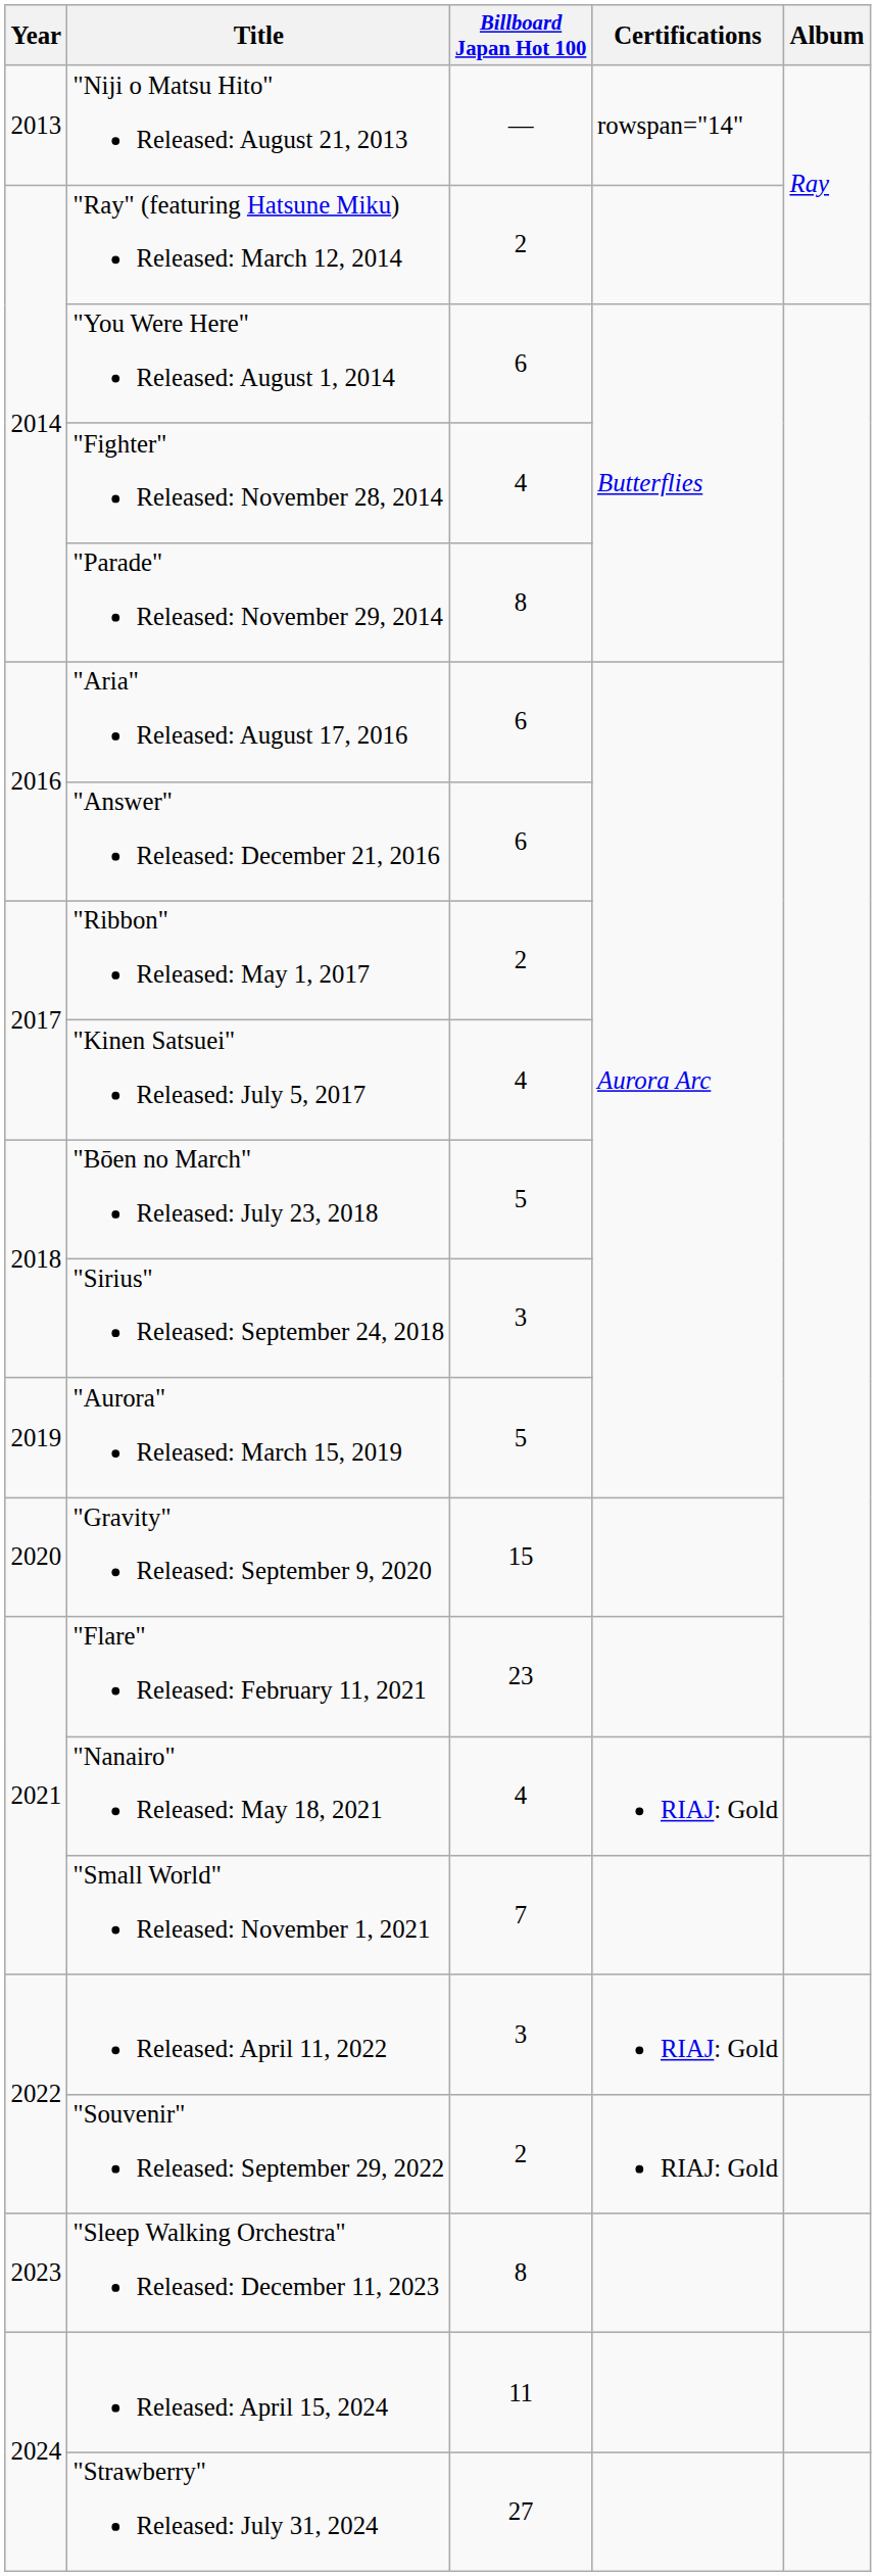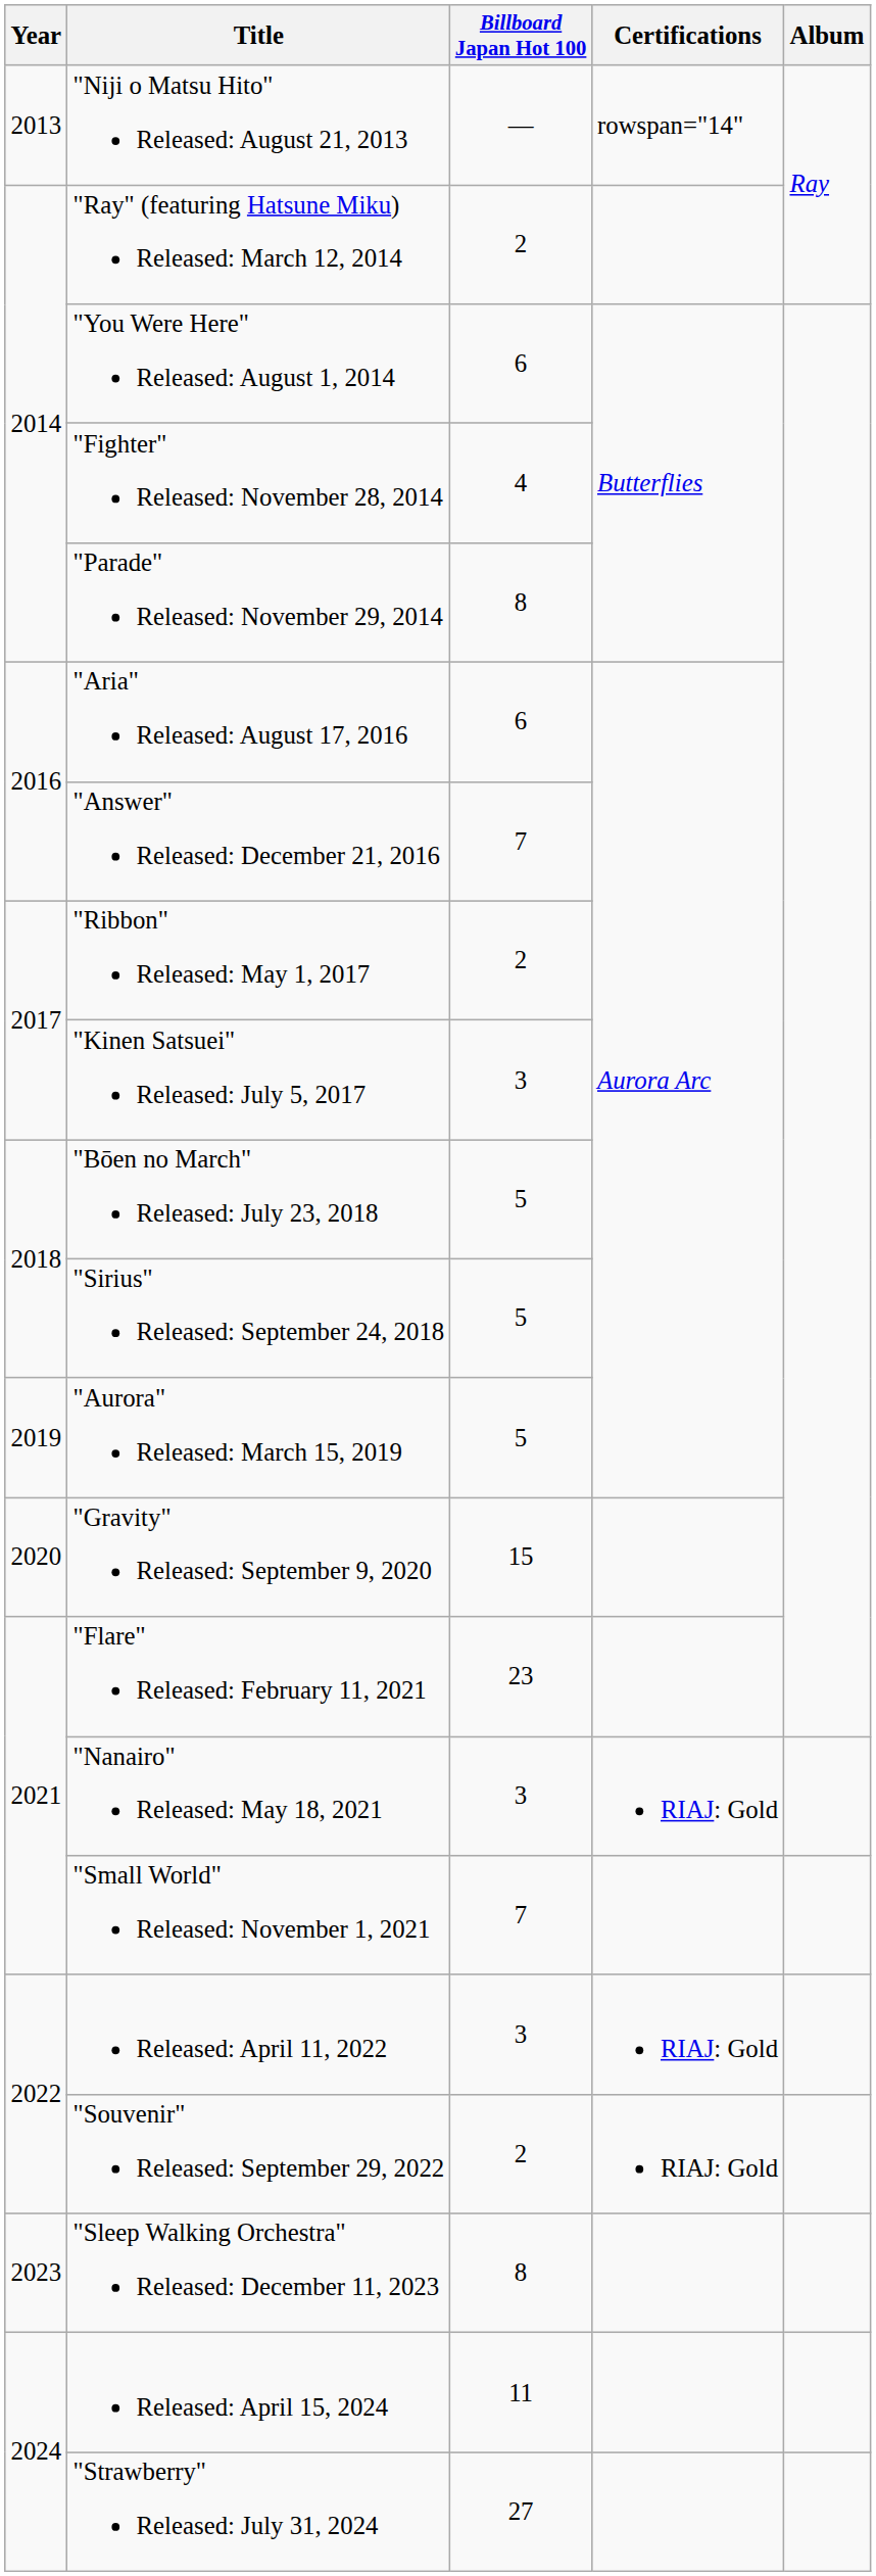 <table class="wikitable">
 <tr>
 <th>Year</th>
 <th>Title</th>
 <th style="font-size:smaller;"><a href='#'><em>Billboard</em><br>Japan Hot 100</a><br></th>
 <th>Certifications</th>
 <th>Album</th>
 </tr>
 <tr>
 <td>2013</td>
 <td>"Niji o Matsu Hito"<br><ul><li>Released: August 21, 2013</li></ul></td>
 <td align="center">—</td>
 <td>rowspan="14" </td>
 <td rowspan="2"><em><a href='#'>Ray</a></em></td>
 </tr>
 <tr>
 <td rowspan="4">2014</td>
 <td>"Ray" (featuring <a href='#'>Hatsune Miku</a>)<br><ul><li>Released: March 12, 2014</li></ul></td>
 <td align="center">2</td>
 </tr>
 <tr>
 <td>"You Were Here"<br><ul><li>Released: August 1, 2014</li></ul></td>
 <td align="center">6</td>
 <td rowspan="3"><em><a href='#'>Butterflies</a></em></td>
 </tr>
 <tr>
 <td>"Fighter"<br><ul><li>Released: November 28, 2014</li></ul></td>
 <td align="center">4</td>
 </tr>
 <tr>
 <td>"Parade"<br><ul><li>Released: November 29, 2014</li></ul></td>
 <td align="center">8</td>
 </tr>
 <tr>
 <td rowspan="2">2016</td>
 <td>"Aria"<br><ul><li>Released: August 17, 2016</li></ul></td>
 <td align="center">6</td>
 <td rowspan="7"><em><a href='#'>Aurora Arc</a></em></td>
 </tr>
 <tr>
 <td>"Answer"<br><ul><li>Released: December 21, 2016</li></ul></td>
-<td align="center">6</td>
+<td align="center">7</td>
 </tr>
 <tr>
 <td rowspan= "2">2017</td>
 <td>"Ribbon"<br><ul><li>Released: May 1, 2017</li></ul></td>
 <td align="center">2</td>
 </tr>
 <tr>
 <td>"Kinen Satsuei"<br><ul><li>Released: July 5, 2017</li></ul></td>
-<td align="center">4</td>
+<td align="center">3</td>
 </tr>
 <tr>
 <td rowspan="2">2018</td>
 <td>"Bōen no March"<br><ul><li>Released: July 23, 2018</li></ul></td>
 <td align="center">5</td>
 </tr>
 <tr>
 <td>"Sirius"<br><ul><li>Released: September 24, 2018</li></ul></td>
-<td align="center">3</td>
+<td align="center">5</td>
 </tr>
 <tr>
 <td>2019</td>
 <td>"Aurora"<br><ul><li>Released: March 15, 2019</li></ul></td>
 <td align="center">5</td>
 </tr>
 <tr>
 <td>2020</td>
 <td>"Gravity"<br><ul><li>Released: September 9, 2020</li></ul></td>
 <td align="center">15</td>
 <td></td>
 </tr>
 <tr>
 <td rowspan="3">2021</td>
 <td>"Flare"<br><ul><li>Released: February 11, 2021</li></ul></td>
 <td align="center">23</td>
 <td></td>
 </tr>
 <tr>
 <td>"Nanairo"<br><ul><li>Released: May 18, 2021</li></ul></td>
-<td align="center">4</td>
+<td align="center">3</td>
 <td><br><ul><li><a href='#'>RIAJ</a>: Gold </li></ul></td>
 <td></td>
 </tr>
 <tr>
 <td>"Small World"<br><ul><li>Released: November 1, 2021</li></ul></td>
 <td align="center">7</td>
 <td></td>
 <td></td>
 </tr>
 <tr>
 <td rowspan="2">2022</td>
 <td><br><ul><li>Released: April 11, 2022</li></ul></td>
 <td align="center">3</td>
 <td><br><ul><li><a href='#'>RIAJ</a>: Gold </li></ul></td>
 <td></td>
 </tr>
 <tr>
 <td>"Souvenir"<br><ul><li>Released: September 29, 2022</li></ul></td>
 <td align="center">2</td>
 <td><br><ul><li>RIAJ: Gold </li></ul></td>
 </tr>
 <tr>
 <td>2023</td>
 <td>"Sleep Walking Orchestra"<br><ul><li>Released: December 11, 2023</li></ul></td>
 <td align="center">8</td>
 <td></td>
 <td></td>
 </tr>
 <tr>
 <td rowspan="2">2024</td>
 <td><br><ul><li>Released: April 15, 2024</li></ul></td>
 <td align="center">11</td>
 <td></td>
 <td></td>
 </tr>
 <tr>
 <td>"Strawberry"<br><ul><li>Released: July 31, 2024</li></ul></td>
 <td align="center">27</td>
 <td></td>
 <td></td>
 </tr>
 </table>
